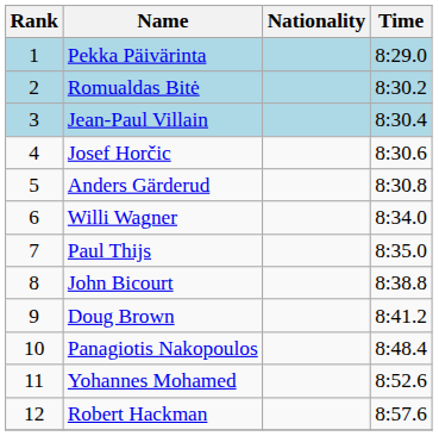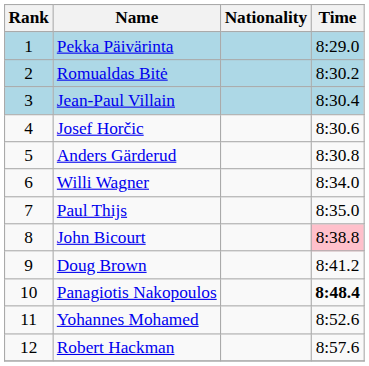 <table class="wikitable sortable" style="text-align:center">
 <tr>
 <th>Rank</th>
 <th>Name</th>
 <th>Nationality</th>
 <th>Time</th>
 </tr>
 <tr bgcolor=lightblue>
 <td>1</td>
 <td align=left><a href='#'>Pekka Päivärinta</a></td>
 <td align=left></td>
 <td>8:29.0</td>
 </tr>
 <tr bgcolor=lightblue>
 <td>2</td>
 <td align=left><a href='#'>Romualdas Bitė</a></td>
 <td align=left></td>
 <td>8:30.2</td>
 </tr>
 <tr bgcolor=lightblue>
 <td>3</td>
 <td align=left><a href='#'>Jean-Paul Villain</a></td>
 <td align=left></td>
 <td>8:30.4</td>
 </tr>
 <tr>
 <td>4</td>
 <td align=left><a href='#'>Josef Horčic</a></td>
 <td align=left></td>
 <td>8:30.6</td>
 </tr>
 <tr>
 <td>5</td>
 <td align=left><a href='#'>Anders Gärderud</a></td>
 <td align=left></td>
 <td>8:30.8</td>
 </tr>
 <tr>
 <td>6</td>
 <td align=left><a href='#'>Willi Wagner</a></td>
 <td align=left></td>
 <td>8:34.0</td>
 </tr>
 <tr>
 <td>7</td>
 <td align=left><a href='#'>Paul Thijs</a></td>
 <td align=left></td>
 <td>8:35.0</td>
 </tr>
 <tr>
 <td>8</td>
 <td align=left><a href='#'>John Bicourt</a></td>
 <td align=left></td>
-<td>8:38.8</td>
+<td style="background: pink;">8:38.8</td>
 </tr>
 <tr>
 <td>9</td>
 <td align=left><a href='#'>Doug Brown</a></td>
 <td align=left></td>
 <td>8:41.2</td>
 </tr>
 <tr>
 <td>10</td>
 <td align=left><a href='#'>Panagiotis Nakopoulos</a></td>
 <td align=left></td>
-<td>8:48.4</td>
+<td><strong>8:48.4</strong></td>
 </tr>
 <tr>
 <td>11</td>
 <td align=left><a href='#'>Yohannes Mohamed</a></td>
 <td align=left></td>
 <td>8:52.6</td>
 </tr>
 <tr>
 <td>12</td>
 <td align=left><a href='#'>Robert Hackman</a></td>
 <td align=left></td>
 <td>8:57.6</td>
 </tr>
 <tr>
 </tr>
 </table>
